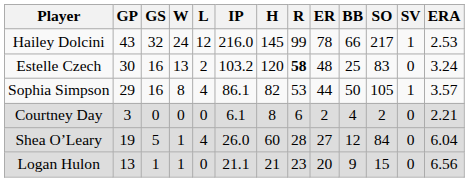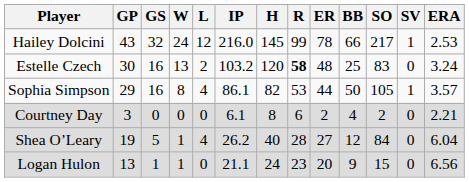 <table class="wikitable sortable">
 <tr>
 <th>Player</th>
 <th>GP</th>
 <th>GS</th>
 <th>W</th>
 <th>L</th>
 <th>IP</th>
 <th>H</th>
 <th>R</th>
 <th>ER</th>
 <th>BB</th>
 <th>SO</th>
 <th>SV</th>
 <th>ERA</th>
 </tr>
 <tr style="text-align:center;">
 <td>Hailey Dolcini</td>
 <td>43</td>
 <td>32</td>
 <td>24</td>
 <td>12</td>
 <td>216.0</td>
 <td>145</td>
 <td>99</td>
 <td>78</td>
 <td>66</td>
 <td>217</td>
 <td>1</td>
 <td>2.53</td>
 </tr>
 <tr style="text-align:center;">
 <td>Estelle Czech</td>
 <td>30</td>
 <td>16</td>
 <td>13</td>
 <td>2</td>
 <td>103.2</td>
 <td>120</td>
 <td><strong>58</strong></td>
 <td>48</td>
 <td>25</td>
 <td>83</td>
 <td>0</td>
 <td>3.24</td>
 </tr>
 <tr style="text-align:center;">
 <td>Sophia Simpson</td>
 <td>29</td>
 <td>16</td>
 <td>8</td>
 <td>4</td>
 <td>86.1</td>
 <td>82</td>
 <td>53</td>
 <td>44</td>
 <td>50</td>
 <td>105</td>
 <td>1</td>
 <td>3.57</td>
 </tr>
 <tr style="background:#dddddd; text-align:center;">
 <td>Courtney Day</td>
 <td>3</td>
 <td>0</td>
 <td>0</td>
 <td>0</td>
 <td>6.1</td>
 <td>8</td>
 <td>6</td>
 <td>2</td>
 <td>4</td>
 <td>2</td>
 <td>0</td>
 <td>2.21</td>
 </tr>
 <tr style="background:#dddddd; text-align:center;">
 <td>Shea O’Leary</td>
 <td>19</td>
 <td>5</td>
 <td>1</td>
 <td>4</td>
-<td>26.0</td>
-<td>60</td>
+<td>26.2</td>
+<td>40</td>
 <td>28</td>
 <td>27</td>
 <td>12</td>
 <td>84</td>
 <td>0</td>
 <td>6.04</td>
 </tr>
 <tr style="background:#dddddd; text-align:center;">
 <td>Logan Hulon</td>
 <td>13</td>
 <td>1</td>
 <td>1</td>
 <td>0</td>
 <td>21.1</td>
-<td>21</td>
+<td>24</td>
 <td>23</td>
 <td>20</td>
 <td>9</td>
 <td>15</td>
 <td>0</td>
 <td>6.56</td>
 </tr>
 </table>
